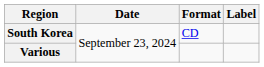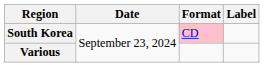 <table class="wikitable plainrowheaders">
 <tr>
 <th scope="col">Region</th>
 <th scope="col">Date</th>
 <th scope="col">Format</th>
 <th scope="col">Label</th>
 </tr>
 <tr>
 <th scope="row">South Korea</th>
 <td rowspan="2">September 23, 2024</td>
-<td><a href='#'>CD</a></td>
+<td style="background: pink;"><a href='#'>CD</a></td>
 <td></td>
 </tr>
 <tr>
 <th scope="row">Various </th>
 <td></td>
 <td></td>
 </tr>
 </table>
